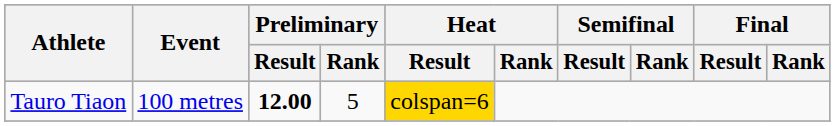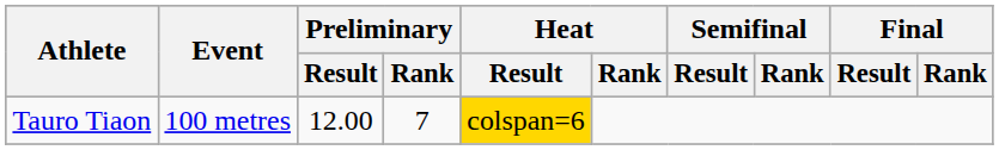 <table class="wikitable" style="font-size:90%">
 <tr>
 <th rowspan="2">Athlete</th>
 <th rowspan="2">Event</th>
 <th colspan="2">Preliminary</th>
 <th colspan="2">Heat</th>
 <th colspan="2">Semifinal</th>
 <th colspan="2">Final</th>
 </tr>
 <tr style="font-size:95%">
 <th>Result</th>
 <th>Rank</th>
 <th>Result</th>
 <th>Rank</th>
 <th>Result</th>
 <th>Rank</th>
 <th>Result</th>
 <th>Rank</th>
 </tr>
 <tr align=center>
 <td align=left><a href='#'>Tauro Tiaon</a></td>
 <td align=left><a href='#'>100 metres</a></td>
-<td><strong>12.00  </strong></td>
-<td>5</td>
+<td>12.00  </td>
+<td>7</td>
 <td style="background: gold;">colspan=6 </td>
 </tr>
 </table>
